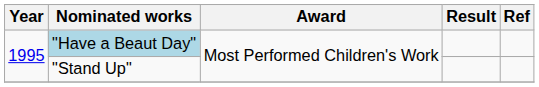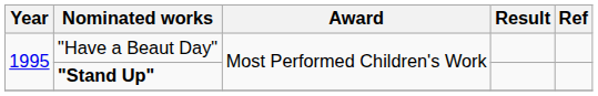 <table class="wikitable">
 <tr>
 <th>Year</th>
 <th>Nominated works</th>
 <th>Award</th>
 <th>Result</th>
 <th>Ref</th>
 </tr>
 <tr>
 <td rowspan="2"><a href='#'>1995</a></td>
-<td style="background: lightblue;">"Have a Beaut Day"</td>
+<td>"Have a Beaut Day"</td>
 <td rowspan="2">Most Performed Children's Work</td>
 <td></td>
 <td></td>
 </tr>
 <tr>
-<td>"Stand Up"</td>
+<td><strong>"Stand Up"</strong></td>
 <td></td>
 <td></td>
 </tr>
 <tr>
 </tr>
 </table>
